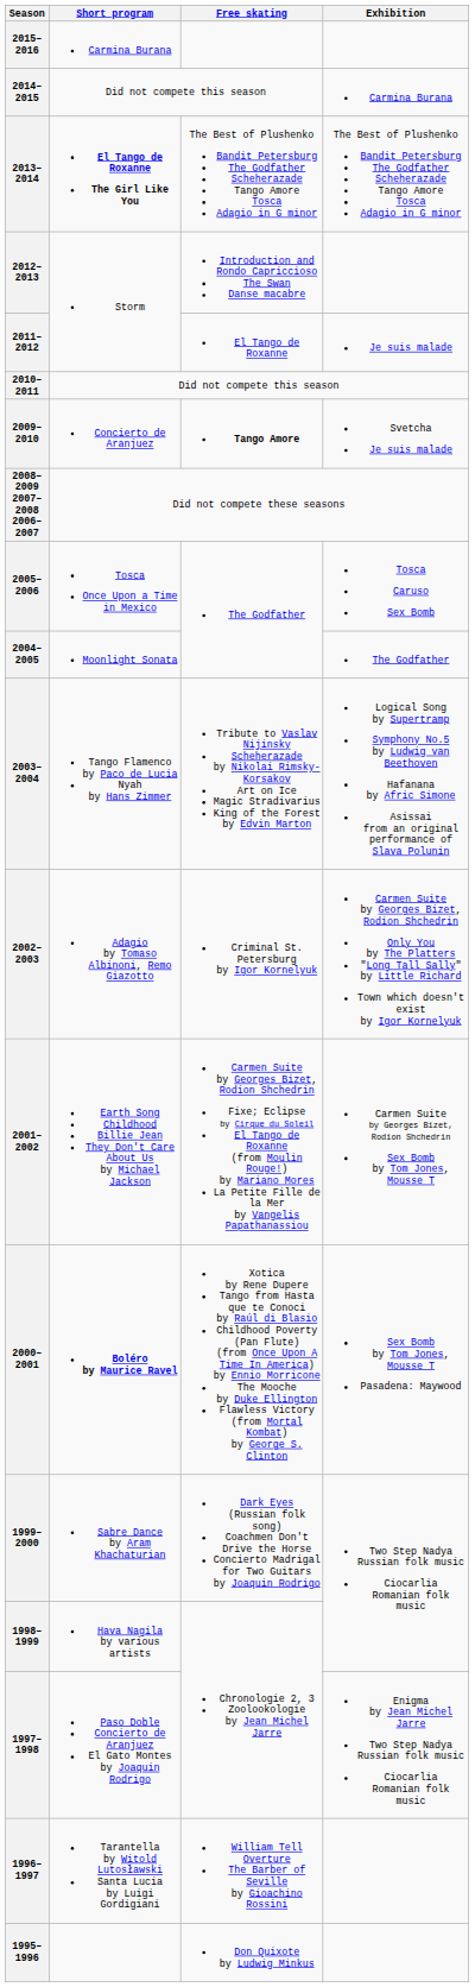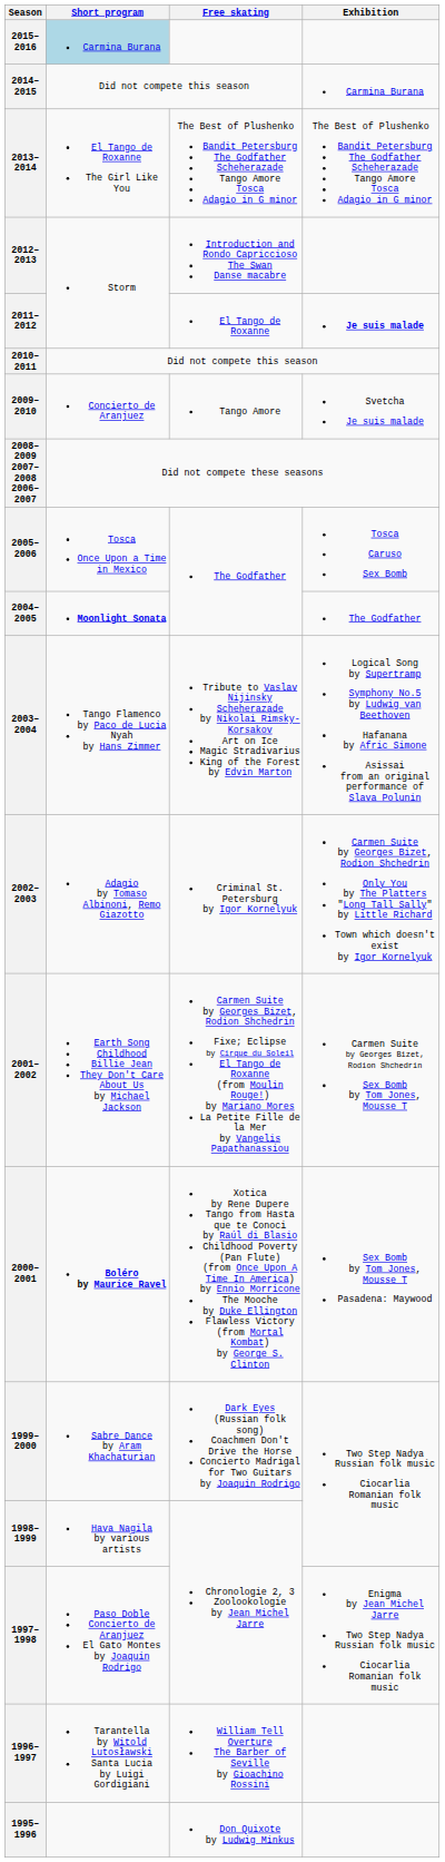 <table class="wikitable" style="text-align:center">
 <tr>
 <th>Season</th>
 <th><a href='#'>Short program</a></th>
 <th><a href='#'>Free skating</a></th>
 <th>Exhibition</th>
 </tr>
 <tr>
 <th>2015–2016 <br></th>
-<td><br><ul><li><a href='#'>Carmina Burana</a><br></li></ul></td>
+<td style="background: lightblue;"><br><ul><li><a href='#'>Carmina Burana</a><br></li></ul></td>
 <td></td>
 <td></td>
 </tr>
 <tr>
 <th>2014–2015</th>
 <td colspan=2>Did not compete this season</td>
 <td><br><ul><li><a href='#'>Carmina Burana</a><br></li></ul></td>
 </tr>
 <tr>
 <th>2013–2014 <br></th>
-<td><strong><br><ul><li><a href='#'>El Tango de Roxanne</a><br></li></ul><ul><li>The Girl Like You<br></li></ul></strong></td>
+<td><br><ul><li><a href='#'>El Tango de Roxanne</a><br></li></ul><ul><li>The Girl Like You<br></li></ul></td>
 <td><br>The Best of Plushenko<ul><li><a href='#'>Bandit Petersburg</a><br></li><li><a href='#'>The Godfather</a><br></li><li><a href='#'>Scheherazade</a><br></li><li>Tango Amore<br></li><li><a href='#'>Tosca</a><br></li><li><a href='#'>Adagio in G minor</a><br></li></ul></td>
 <td><br>The Best of Plushenko<ul><li><a href='#'>Bandit Petersburg</a><br></li><li><a href='#'>The Godfather</a><br></li><li><a href='#'>Scheherazade</a><br></li><li>Tango Amore<br></li><li><a href='#'>Tosca</a><br></li><li><a href='#'>Adagio in G minor</a><br></li></ul></td>
 </tr>
 <tr>
 <th>2012–2013 <br></th>
 <td rowspan="2"><br><ul><li>Storm<br></li></ul></td>
 <td><br><ul><li><a href='#'>Introduction and Rondo Capriccioso</a></li><li><a href='#'>The Swan</a></li><li><a href='#'>Danse macabre</a><br></li></ul></td>
 <td></td>
 </tr>
 <tr>
 <th>2011–2012 <br></th>
 <td><br><ul><li><a href='#'>El Tango de Roxanne</a><br></li></ul></td>
-<td><br><ul><li><a href='#'>Je suis malade</a><br></li></ul></td>
+<td><strong><br><ul><li><a href='#'>Je suis malade</a><br></li></ul></strong></td>
 </tr>
 <tr>
 <th>2010–2011</th>
 <td colspan=3>Did not compete this season</td>
 </tr>
 <tr>
 <th>2009–2010 <br></th>
 <td><br><ul><li><a href='#'>Concierto de Aranjuez</a><br></li></ul></td>
-<td><strong><br><ul><li>Tango Amore<br></li></ul></strong></td>
+<td><br><ul><li>Tango Amore<br></li></ul></td>
 <td><br><ul><li>Svetcha<br></li></ul><ul><li><a href='#'>Je suis malade</a><br></li></ul></td>
 </tr>
 <tr>
 <th>2008–2009<br>2007–2008<br>2006–2007</th>
 <td colspan=3>Did not compete these seasons</td>
 </tr>
 <tr>
 <th>2005–2006 <br></th>
 <td><br><ul><li><a href='#'>Tosca</a><br></li></ul><ul><li><a href='#'>Once Upon a Time in Mexico</a><br></li></ul></td>
 <td rowspan=2><br><ul><li><a href='#'>The Godfather</a><br></li></ul></td>
 <td><br><ul><li><a href='#'>Tosca</a><br></li></ul><ul><li><a href='#'>Caruso</a><br></li></ul><ul><li><a href='#'>Sex Bomb</a><br></li></ul></td>
 </tr>
 <tr>
 <th>2004–2005 <br></th>
-<td><br><ul><li><a href='#'>Moonlight Sonata</a><br></li></ul></td>
+<td><strong><br><ul><li><a href='#'>Moonlight Sonata</a><br></li></ul></strong></td>
 <td><br><ul><li><a href='#'>The Godfather</a><br></li></ul></td>
 </tr>
 <tr>
 <th>2003–2004 <br></th>
 <td><br><ul><li>Tango Flamenco <br> by <a href='#'>Paco de Lucia</a></li><li>Nyah <br> by <a href='#'>Hans Zimmer</a></li></ul></td>
 <td><br><ul><li>Tribute to <a href='#'>Vaslav Nijinsky</a></li><li><a href='#'>Scheherazade</a> <br> by <a href='#'>Nikolai Rimsky-Korsakov</a></li><li>Art on Ice</li><li>Magic Stradivarius</li><li>King of the Forest <br> by <a href='#'>Edvin Marton</a></li></ul></td>
 <td><br><ul><li>Logical Song <br> by <a href='#'>Supertramp</a></li></ul><ul><li><a href='#'>Symphony No.5</a> <br> by <a href='#'>Ludwig van Beethoven</a></li></ul><ul><li>Hafanana <br> by <a href='#'>Afric Simone</a></li></ul><ul><li>Asissai <br> from an original performance of <a href='#'>Slava Polunin</a></li></ul></td>
 </tr>
 <tr>
 <th>2002–2003 <br></th>
 <td><br><ul><li><a href='#'>Adagio</a> <br> by <a href='#'>Tomaso Albinoni</a>, <a href='#'>Remo Giazotto</a></li></ul></td>
 <td><br><ul><li>Criminal St. Petersburg <br> by <a href='#'>Igor Kornelyuk</a></li></ul></td>
 <td><br><ul><li><a href='#'>Carmen Suite</a> <br> by <a href='#'>Georges Bizet</a>, <a href='#'>Rodion Shchedrin</a></li></ul><ul><li><a href='#'>Only You</a> <br> by <a href='#'>The Platters</a></li><li>"<a href='#'>Long Tall Sally</a>" <br> by <a href='#'>Little Richard</a></li></ul><ul><li>Town which doesn't exist <br> by <a href='#'>Igor Kornelyuk</a></li></ul></td>
 </tr>
 <tr>
 <th>2001–2002 <br></th>
 <td><br><ul><li><a href='#'>Earth Song</a></li><li><a href='#'>Childhood</a></li><li><a href='#'>Billie Jean</a></li><li><a href='#'>They Don't Care About Us</a> <br> by <a href='#'>Michael Jackson</a></li></ul></td>
 <td><br><ul><li><a href='#'>Carmen Suite</a> <br> by <a href='#'>Georges Bizet</a>, <a href='#'>Rodion Shchedrin</a></li></ul><ul><li>Fixe; Eclipse <br> <small> by <a href='#'>Cirque du Soleil</a> </small></li><li><a href='#'>El Tango de Roxanne</a> <br> (from <a href='#'>Moulin Rouge!</a>) <br> by <a href='#'>Mariano Mores</a></li><li>La Petite Fille de la Mer <br> by <a href='#'>Vangelis Papathanassiou</a></li></ul></td>
 <td><br><ul><li>Carmen Suite <br> <small> by Georges Bizet, Rodion Shchedrin </small></li></ul><ul><li><a href='#'>Sex Bomb</a> <br> by <a href='#'>Tom Jones</a>, <a href='#'>Mousse T</a></li></ul></td>
 </tr>
 <tr>
 <th>2000–2001 <br></th>
 <td><strong><br><ul><li><a href='#'>Boléro</a> <br> by <a href='#'>Maurice Ravel</a></li></ul></strong></td>
 <td><br><ul><li>Xotica <br> by Rene Dupere</li><li>Tango from Hasta que te Conoci <br> by <a href='#'>Raúl di Blasio</a></li><li>Childhood Poverty (Pan Flute) <br> (from <a href='#'>Once Upon A Time In America</a>) <br> by <a href='#'>Ennio Morricone</a></li><li>The Mooche <br> by <a href='#'>Duke Ellington</a></li><li>Flawless Victory  <br> (from <a href='#'>Mortal Kombat</a>) <br> by <a href='#'>George S. Clinton</a></li></ul></td>
 <td><br><ul><li><a href='#'>Sex Bomb</a> <br> by <a href='#'>Tom Jones</a>, <a href='#'>Mousse T</a></li></ul><ul><li>Pasadena: Maywood</li></ul></td>
 </tr>
 <tr>
 <th>1999–2000</th>
 <td><br><ul><li><a href='#'>Sabre Dance</a> <br> by <a href='#'>Aram Khachaturian</a></li></ul></td>
 <td><br><ul><li><a href='#'>Dark Eyes</a> <br> (Russian folk song)</li><li>Coachmen Don't Drive the Horse</li><li>Concierto Madrigal for Two Guitars <br> by <a href='#'>Joaquin Rodrigo</a></li></ul></td>
 <td rowspan="2"><br><ul><li>Two Step Nadya <br> Russian folk music</li></ul><ul><li>Ciocarlia <br> Romanian folk music</li></ul></td>
 </tr>
 <tr>
 <th>1998–1999</th>
 <td><br><ul><li><a href='#'>Hava Nagila</a> <br> by various artists</li></ul></td>
 <td rowspan=2><br><ul><li>Chronologie 2, 3</li><li>Zoolookologie <br> by <a href='#'>Jean Michel Jarre</a></li></ul></td>
 </tr>
 <tr>
 <th>1997–1998</th>
 <td><br><ul><li><a href='#'>Paso Doble</a></li><li><a href='#'>Concierto de Aranjuez</a></li><li>El Gato Montes <br> by <a href='#'>Joaquin Rodrigo</a></li></ul></td>
 <td><br><ul><li>Enigma <br> by <a href='#'>Jean Michel Jarre</a></li></ul><ul><li>Two Step Nadya <br> Russian folk music</li></ul><ul><li>Ciocarlia <br> Romanian folk music</li></ul></td>
 </tr>
 <tr>
 <th>1996–1997</th>
 <td><br><ul><li>Tarantella <br> by <a href='#'>Witold Lutosławski</a></li><li>Santa Lucia <br> by Luigi Gordigiani</li></ul></td>
 <td><br><ul><li><a href='#'>William Tell Overture</a></li><li><a href='#'>The Barber of Seville</a> <br> by <a href='#'>Gioachino Rossini</a></li></ul></td>
 <td></td>
 </tr>
 <tr>
 <th>1995–1996</th>
 <td></td>
 <td><br><ul><li><a href='#'>Don Quixote</a> <br> by <a href='#'>Ludwig Minkus</a></li></ul></td>
 <td></td>
 </tr>
 </table>
